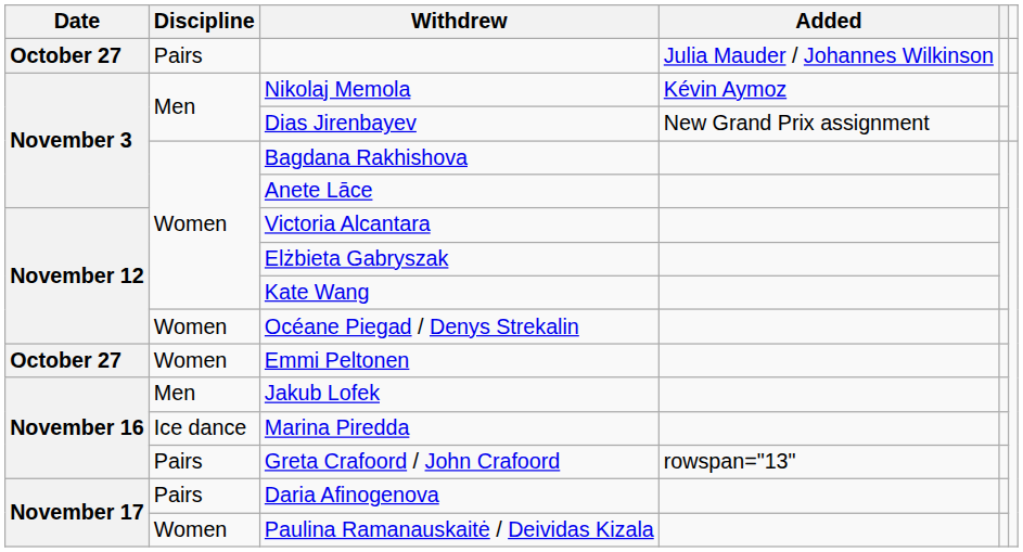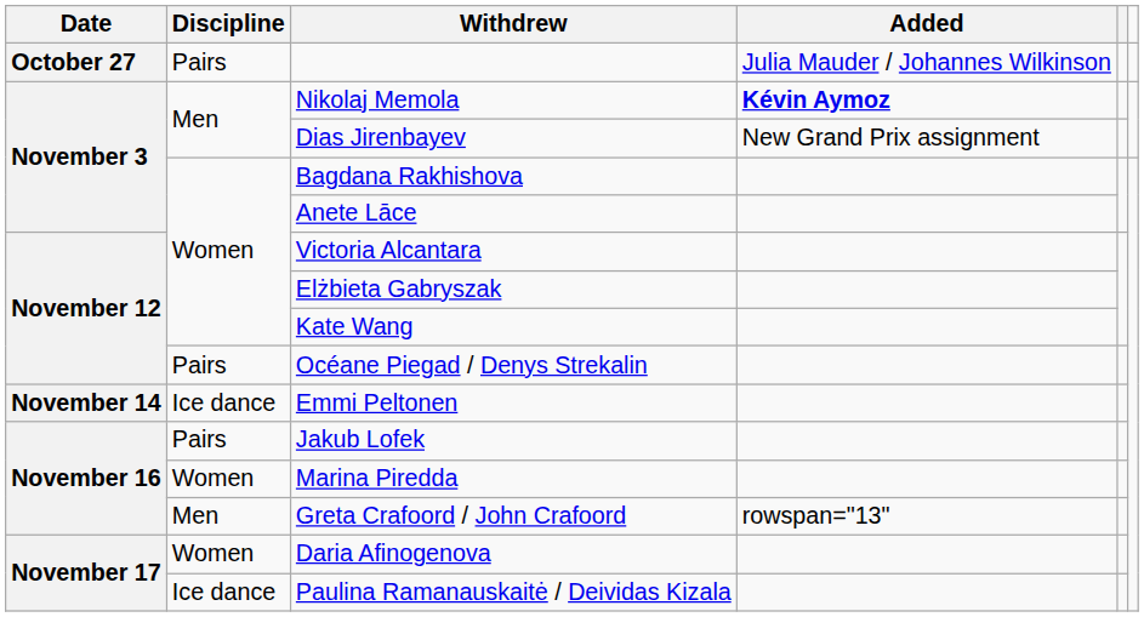 <table class="wikitable unsortable" style="text-align:left;">
 <tr>
 <th scope="col">Date</th>
 <th scope="col">Discipline</th>
 <th scope="col">Withdrew</th>
 <th scope="col">Added</th>
 <th scope="col"></th>
 </tr>
 <tr>
 <th scope="row" style="text-align:left">October 27</th>
 <td>Pairs</td>
 <td></td>
 <td> <a href='#'>Julia Mauder</a> / <a href='#'>Johannes Wilkinson</a></td>
 <td></td>
 <td></td>
 </tr>
 <tr>
 <th scope="row" style="text-align:left" rowspan="4">November 3</th>
 <td rowspan="2">Men</td>
 <td> <a href='#'>Nikolaj Memola</a></td>
-<td> <a href='#'>Kévin Aymoz</a></td>
+<td><strong> <a href='#'>Kévin Aymoz</a></strong></td>
 <td></td>
 <td rowspan="2"></td>
 </tr>
 <tr>
 <td> <a href='#'>Dias Jirenbayev</a></td>
 <td>New Grand Prix assignment</td>
 </tr>
 <tr>
 <td rowspan="5">Women</td>
 <td> <a href='#'>Bagdana Rakhishova</a></td>
 <td></td>
 <td rowspan="2"></td>
 </tr>
 <tr>
 <td> <a href='#'>Anete Lāce</a></td>
 <td></td>
 </tr>
 <tr>
 <th scope="row" style="text-align:left" rowspan="4">November 12</th>
 <td> <a href='#'>Victoria Alcantara</a></td>
 <td></td>
 <td rowspan="3"></td>
 </tr>
 <tr>
 <td> <a href='#'>Elżbieta Gabryszak</a></td>
 <td></td>
 </tr>
 <tr>
 <td> <a href='#'>Kate Wang</a></td>
 <td></td>
 </tr>
 <tr>
-<td>Women</td>
+<td>Pairs</td>
 <td> <a href='#'>Océane Piegad</a> / <a href='#'>Denys Strekalin</a></td>
 <td></td>
 <td></td>
 </tr>
 <tr>
-<th scope="row" style="text-align:left">October 27</th>
-<td>Women</td>
+<th scope="row" style="text-align:left">November 14</th>
+<td>Ice dance</td>
 <td> <a href='#'>Emmi Peltonen</a></td>
 <td></td>
 <td></td>
 </tr>
 <tr>
 <th scope="row" style="text-align:left" rowspan="3">November 16</th>
-<td>Men</td>
+<td>Pairs</td>
 <td> <a href='#'>Jakub Lofek</a></td>
 <td></td>
 <td></td>
 </tr>
 <tr>
-<td>Ice dance</td>
+<td>Women</td>
 <td> <a href='#'>Marina Piredda</a></td>
 <td></td>
 <td></td>
 </tr>
 <tr>
-<td>Pairs</td>
+<td>Men</td>
 <td> <a href='#'>Greta Crafoord</a> / <a href='#'>John Crafoord</a></td>
 <td>rowspan="13" </td>
 <td></td>
 </tr>
 <tr>
 <th scope="row" style="text-align:left" rowspan="2">November 17</th>
-<td>Pairs</td>
+<td>Women</td>
 <td> <a href='#'>Daria Afinogenova</a></td>
 <td></td>
 <td></td>
 </tr>
 <tr>
-<td>Women</td>
+<td>Ice dance</td>
 <td> <a href='#'>Paulina Ramanauskaitė</a> / <a href='#'>Deividas Kizala</a></td>
 <td></td>
 <td></td>
 </tr>
 </table>
